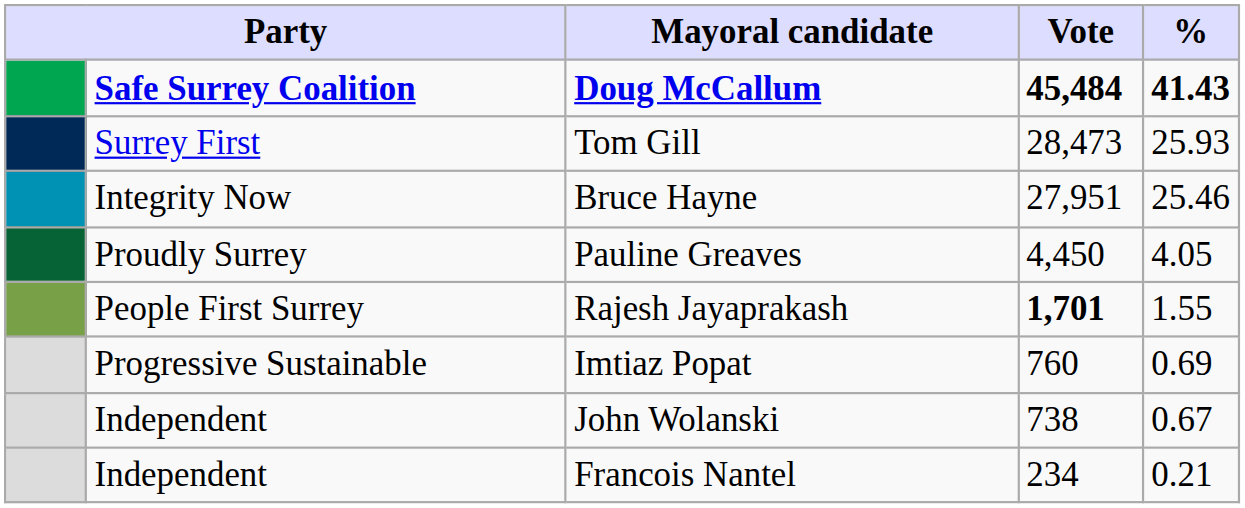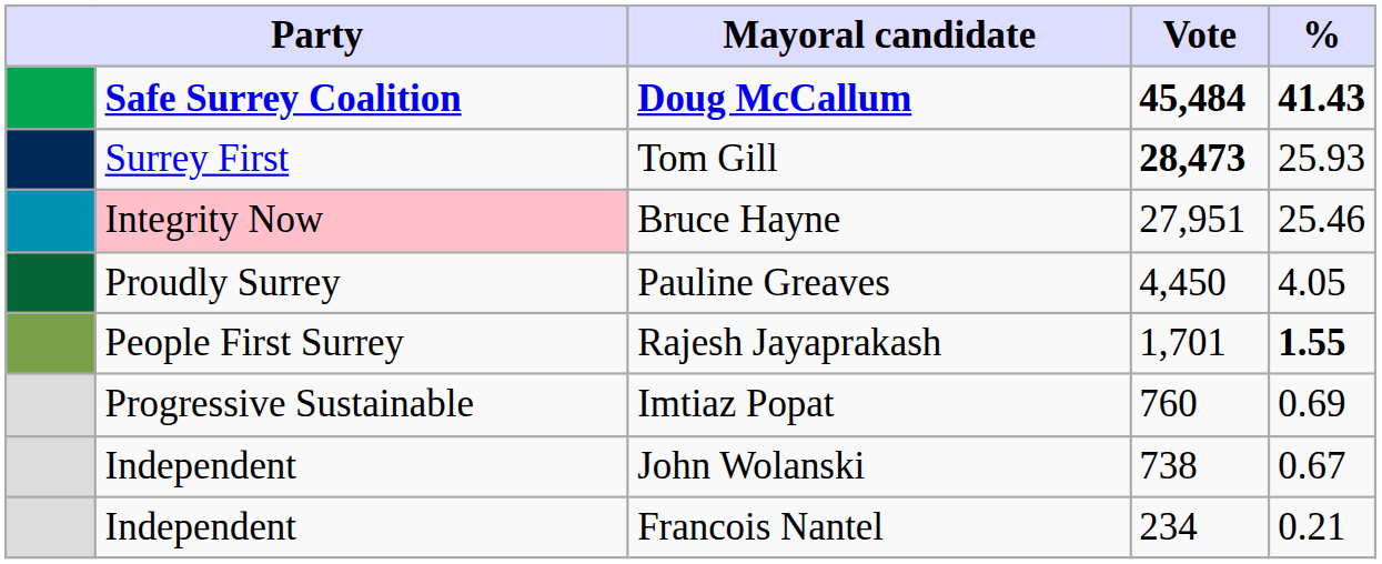 <table class="wikitable">
 <tr>
 <th style="background:#ddf;" width="250px" colspan="2">Party</th>
 <th style="background:#ddf;" width="200px">Mayoral candidate</th>
 <th style="background:#ddf;" width="50px">Vote</th>
 <th style="background:#ddf;" width="30px">%</th>
 </tr>
 <tr>
 <td style="background:#00A650;" width="30px"> </td>
 <td><strong><a href='#'>Safe Surrey Coalition</a></strong></td>
 <td><strong><a href='#'>Doug McCallum</a></strong></td>
 <td><strong>45,484</strong></td>
 <td><strong>41.43</strong></td>
 </tr>
 <tr>
 <td style="background:#002957;" width="30px"> </td>
 <td><a href='#'>Surrey First</a></td>
 <td>Tom Gill</td>
-<td>28,473</td>
+<td><strong>28,473</strong></td>
 <td>25.93</td>
 </tr>
 <tr>
 <td style="background:#0092B4;" width="30px"> </td>
-<td>Integrity Now</td>
+<td style="background: pink;">Integrity Now</td>
 <td>Bruce Hayne</td>
 <td>27,951</td>
 <td>25.46</td>
 </tr>
 <tr>
 <td style="background:#066335;" width="30px"> </td>
 <td>Proudly Surrey</td>
 <td>Pauline Greaves</td>
 <td>4,450</td>
 <td>4.05</td>
 </tr>
 <tr>
 <td style="background:#78A047;" width="30px"> </td>
 <td>People First Surrey</td>
 <td>Rajesh Jayaprakash</td>
-<td><strong>1,701</strong></td>
-<td>1.55</td>
+<td>1,701</td>
+<td><strong>1.55</strong></td>
 </tr>
 <tr>
 <td style="background:gainsboro" width="30px"> </td>
 <td>Progressive Sustainable</td>
 <td>Imtiaz Popat</td>
 <td>760</td>
 <td>0.69</td>
 </tr>
 <tr>
 <td style="background:gainsboro" width="30px"> </td>
 <td>Independent</td>
 <td>John Wolanski</td>
 <td>738</td>
 <td>0.67</td>
 </tr>
 <tr>
 <td style="background:gainsboro" width="30px"> </td>
 <td>Independent</td>
 <td>Francois Nantel</td>
 <td>234</td>
 <td>0.21</td>
 </tr>
 </table>
